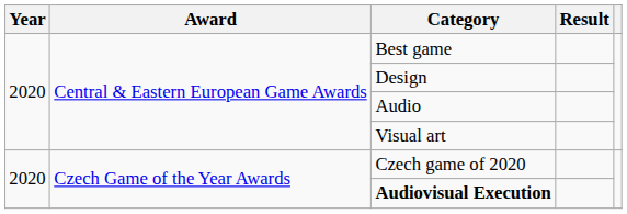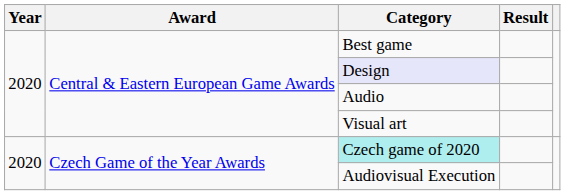 <table class="wikitable sortable">
 <tr>
 <th>Year</th>
 <th>Award</th>
 <th>Category</th>
 <th>Result</th>
 <th></th>
 </tr>
 <tr>
 <td rowspan="4" style="text-align:center;">2020</td>
 <td rowspan="4"><a href='#'>Central & Eastern European Game Awards</a></td>
 <td>Best game</td>
 <td></td>
 <td rowspan="4"></td>
 </tr>
 <tr>
-<td>Design</td>
+<td style="background: lavender;">Design</td>
 <td></td>
 </tr>
 <tr>
 <td>Audio</td>
 <td></td>
 </tr>
 <tr>
 <td>Visual art</td>
 <td></td>
 </tr>
 <tr>
 <td rowspan="2" style="text-align:center;">2020</td>
 <td rowspan="2"><a href='#'>Czech Game of the Year Awards</a></td>
-<td>Czech game of 2020</td>
+<td style="background: paleturquoise;">Czech game of 2020</td>
 <td></td>
 <td rowspan="2"></td>
 </tr>
 <tr>
-<td><strong>Audiovisual Execution</strong></td>
+<td>Audiovisual Execution</td>
 <td></td>
 </tr>
 </table>
